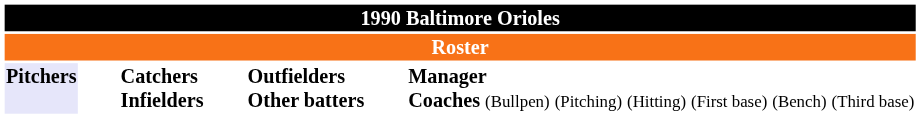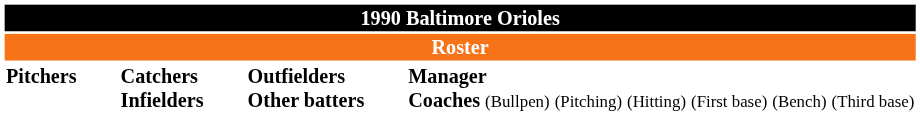 <table class="toccolours" style="font-size: 95%;">
 <tr>
 <th colspan="10" style="background-color: black; color: white; text-align: center;">1990 Baltimore Orioles</th>
 </tr>
 <tr>
 <td colspan="10" style="background-color: #F87217; color: white; text-align: center;"><strong>Roster</strong></td>
 </tr>
 <tr>
-<td valign="top" style="background: lavender;"><strong>Pitchers</strong><br>                    </td>
+<td valign="top"><strong>Pitchers</strong><br>                    </td>
 <td width="25px"></td>
 <td valign="top"><strong>Catchers</strong><br>   <strong>Infielders</strong>             </td>
 <td width="25px"></td>
 <td valign="top"><strong>Outfielders</strong><br>         <strong>Other batters</strong> </td>
 <td width="25px"></td>
 <td valign="top"><strong>Manager</strong><br> <strong>Coaches</strong>  <small>(Bullpen)</small>  <small>(Pitching)</small>  <small>(Hitting)</small>  <small>(First base)</small>  <small>(Bench)</small>  <small>(Third base)</small></td>
 </tr>
 <tr>
 </tr>
 </table>
